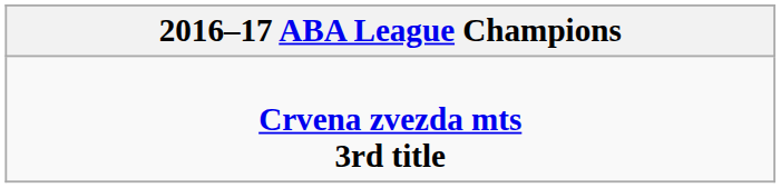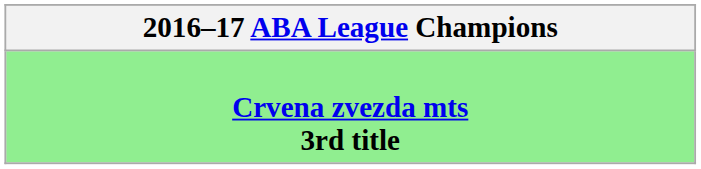 <table class="wikitable" style="margin: 0 auto; width: 30%;">
 <tr>
 <th>2016–17 <a href='#'>ABA League</a> Champions</th>
 </tr>
 <tr>
-<td align=center><br><strong><a href='#'>Crvena zvezda mts</a></strong><br><strong>3rd title</strong></td>
+<td align=center style="background: lightgreen;"><br><strong><a href='#'>Crvena zvezda mts</a></strong><br><strong>3rd title</strong></td>
 </tr>
 </table>
